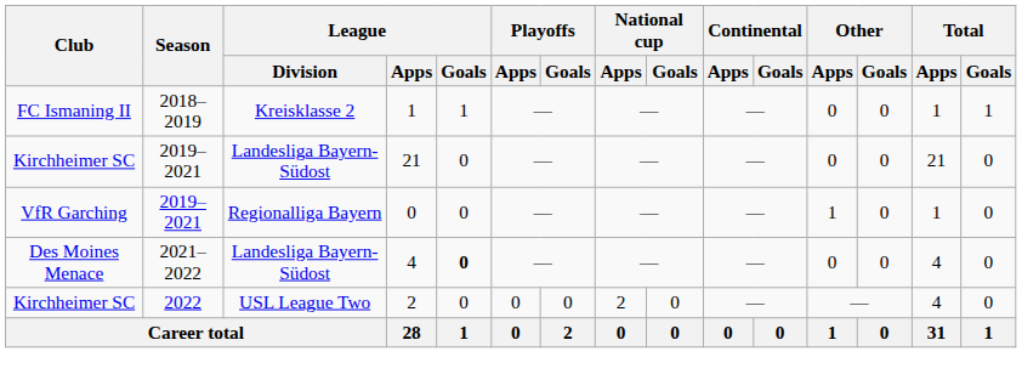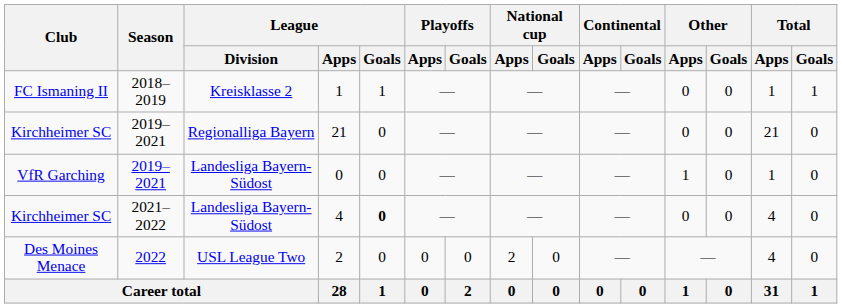 <table class="wikitable" style="text-align: center">
 <tr>
 <th rowspan="2">Club</th>
 <th rowspan="2">Season</th>
 <th colspan="3">League</th>
 <th colspan="2">Playoffs</th>
 <th colspan="2">National cup</th>
 <th colspan="2">Continental</th>
 <th colspan="2">Other</th>
 <th colspan="2">Total</th>
 </tr>
 <tr>
 <th>Division</th>
 <th>Apps</th>
 <th>Goals</th>
 <th>Apps</th>
 <th>Goals</th>
 <th>Apps</th>
 <th>Goals</th>
 <th>Apps</th>
 <th>Goals</th>
 <th>Apps</th>
 <th>Goals</th>
 <th>Apps</th>
 <th>Goals</th>
 </tr>
 <tr>
 <td><a href='#'>FC Ismaning II</a></td>
 <td>2018–2019</td>
 <td><a href='#'>Kreisklasse 2</a></td>
 <td>1</td>
 <td>1</td>
 <td colspan="2">—</td>
 <td colspan="2">—</td>
 <td colspan="2">—</td>
 <td>0</td>
 <td>0</td>
 <td>1</td>
 <td>1</td>
 </tr>
 <tr>
 <td><a href='#'>Kirchheimer SC</a></td>
 <td>2019–2021</td>
-<td><a href='#'>Landesliga Bayern-Südost</a></td>
+<td><a href='#'>Regionalliga Bayern</a></td>
 <td>21</td>
 <td>0</td>
 <td colspan="2">—</td>
 <td colspan="2">—</td>
 <td colspan="2">—</td>
 <td>0</td>
 <td>0</td>
 <td>21</td>
 <td>0</td>
 </tr>
 <tr>
 <td><a href='#'>VfR Garching</a></td>
 <td><a href='#'>2019–2021</a></td>
-<td><a href='#'>Regionalliga Bayern</a></td>
+<td><a href='#'>Landesliga Bayern-Südost</a></td>
 <td>0</td>
 <td>0</td>
 <td colspan="2">—</td>
 <td colspan="2">—</td>
 <td colspan="2">—</td>
 <td>1</td>
 <td>0</td>
 <td>1</td>
 <td>0</td>
 </tr>
 <tr>
-<td><a href='#'>Des Moines Menace</a></td>
+<td><a href='#'>Kirchheimer SC</a></td>
 <td>2021–2022</td>
 <td><a href='#'>Landesliga Bayern-Südost</a></td>
 <td>4</td>
 <td><strong>0</strong></td>
 <td colspan="2">—</td>
 <td colspan="2">—</td>
 <td colspan="2">—</td>
 <td>0</td>
 <td>0</td>
 <td>4</td>
 <td>0</td>
 </tr>
 <tr>
-<td><a href='#'>Kirchheimer SC</a></td>
+<td><a href='#'>Des Moines Menace</a></td>
 <td><a href='#'>2022</a></td>
 <td><a href='#'>USL League Two</a></td>
 <td>2</td>
 <td>0</td>
 <td>0</td>
 <td>0</td>
 <td>2</td>
 <td>0</td>
 <td colspan="2">—</td>
 <td colspan="2">—</td>
 <td>4</td>
 <td>0</td>
 </tr>
 <tr>
 <th colspan="3">Career total</th>
 <th>28</th>
 <th>1</th>
 <th>0</th>
 <th>2</th>
 <th>0</th>
 <th>0</th>
 <th>0</th>
 <th>0</th>
 <th>1</th>
 <th>0</th>
 <th>31</th>
 <th>1</th>
 </tr>
 </table>
